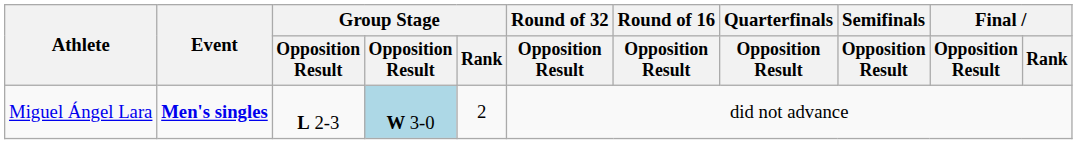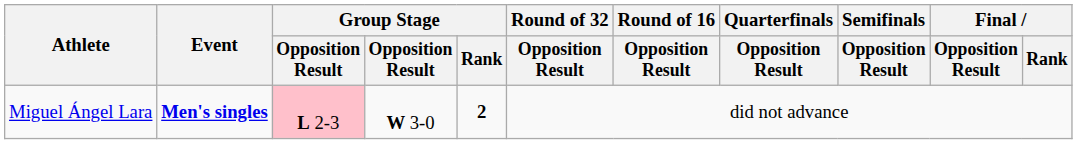 <table class="wikitable" style="font-size:90%">
 <tr>
 <th rowspan=2>Athlete</th>
 <th rowspan=2>Event</th>
 <th colspan=3>Group Stage</th>
 <th>Round of 32</th>
 <th>Round of 16</th>
 <th>Quarterfinals</th>
 <th>Semifinals</th>
 <th colspan=2>Final / </th>
 </tr>
 <tr style="font-size:95%">
 <th>Opposition<br>Result</th>
 <th>Opposition<br>Result</th>
 <th>Rank</th>
 <th>Opposition<br>Result</th>
 <th>Opposition<br>Result</th>
 <th>Opposition<br>Result</th>
 <th>Opposition<br>Result</th>
 <th>Opposition<br>Result</th>
 <th>Rank</th>
 </tr>
 <tr align=center>
 <td align=left><a href='#'>Miguel Ángel Lara</a></td>
 <td align=left><strong><a href='#'>Men's singles</a></strong></td>
-<td><br><strong>L</strong> 2-3</td>
-<td style="background: lightblue;"><br><strong>W</strong> 3-0</td>
-<td>2</td>
+<td style="background: pink;"><br><strong>L</strong> 2-3</td>
+<td><br><strong>W</strong> 3-0</td>
+<td><strong>2</strong></td>
 <td colspan=6>did not advance</td>
 </tr>
 </table>
